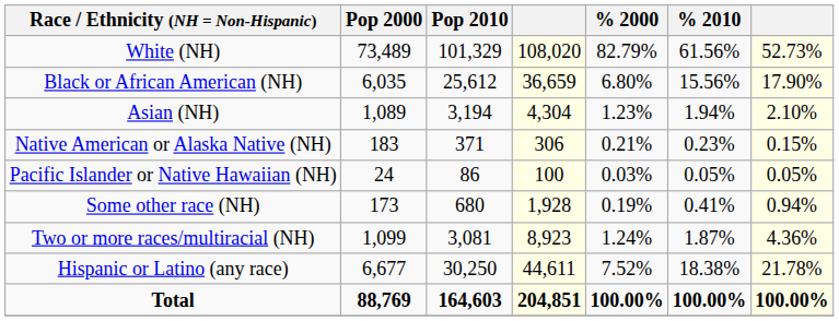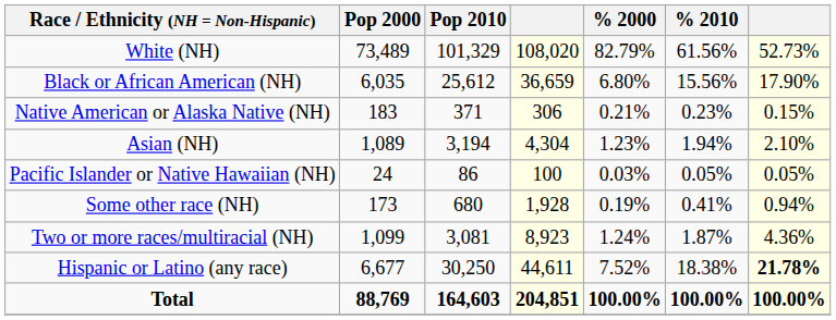 <table class="wikitable" style="text-align:center;">
 <tr>
 <th>Race / Ethnicity <small>(<em>NH = Non-Hispanic</em>)</small></th>
 <th>Pop 2000</th>
 <th>Pop 2010</th>
 <th></th>
 <th>% 2000</th>
 <th>% 2010</th>
 <th></th>
 </tr>
 <tr>
 <td><a href='#'>White</a> (NH)</td>
 <td>73,489</td>
 <td>101,329</td>
 <td style='background: #ffffe6;'>108,020</td>
 <td>82.79%</td>
 <td>61.56%</td>
 <td style='background: #ffffe6;'>52.73%</td>
 </tr>
 <tr>
 <td><a href='#'>Black or African American</a> (NH)</td>
 <td>6,035</td>
 <td>25,612</td>
 <td style='background: #ffffe6;'>36,659</td>
 <td>6.80%</td>
 <td>15.56%</td>
 <td style='background: #ffffe6;'>17.90%</td>
 </tr>
 <tr>
+<td><a href='#'>Native American</a> or <a href='#'>Alaska Native</a> (NH)</td>
+<td>183</td>
+<td>371</td>
+<td style='background: #ffffe6;'>306</td>
+<td>0.21%</td>
+<td>0.23%</td>
+<td style='background: #ffffe6;'>0.15%</td>
+</tr>
+<tr>
 <td><a href='#'>Asian</a> (NH)</td>
 <td>1,089</td>
 <td>3,194</td>
 <td style='background: #ffffe6;'>4,304</td>
 <td>1.23%</td>
 <td>1.94%</td>
 <td style='background: #ffffe6;'>2.10%</td>
-</tr>
-<tr>
-<td><a href='#'>Native American</a> or <a href='#'>Alaska Native</a> (NH)</td>
-<td>183</td>
-<td>371</td>
-<td style='background: #ffffe6;'>306</td>
-<td>0.21%</td>
-<td>0.23%</td>
-<td style='background: #ffffe6;'>0.15%</td>
 </tr>
 <tr>
 <td><a href='#'>Pacific Islander</a> or <a href='#'>Native Hawaiian</a> (NH)</td>
 <td>24</td>
 <td>86</td>
 <td style='background: #ffffe6;'>100</td>
 <td>0.03%</td>
 <td>0.05%</td>
 <td style='background: #ffffe6;'>0.05%</td>
 </tr>
 <tr>
 <td><a href='#'>Some other race</a> (NH)</td>
 <td>173</td>
 <td>680</td>
 <td style='background: #ffffe6;'>1,928</td>
 <td>0.19%</td>
 <td>0.41%</td>
 <td style='background: #ffffe6;'>0.94%</td>
 </tr>
 <tr>
 <td><a href='#'>Two or more races/multiracial</a> (NH)</td>
 <td>1,099</td>
 <td>3,081</td>
 <td style='background: #ffffe6;'>8,923</td>
 <td>1.24%</td>
 <td>1.87%</td>
 <td style='background: #ffffe6;'>4.36%</td>
 </tr>
 <tr>
 <td><a href='#'>Hispanic or Latino</a> (any race)</td>
 <td>6,677</td>
 <td>30,250</td>
 <td style='background: #ffffe6;'>44,611</td>
 <td>7.52%</td>
 <td>18.38%</td>
-<td style='background: #ffffe6;'>21.78%</td>
+<td style='background: #ffffe6;'><strong>21.78%</strong></td>
 </tr>
 <tr>
 <td><strong>Total</strong></td>
 <td><strong>88,769</strong></td>
 <td><strong>164,603</strong></td>
 <td style='background: #ffffe6;'><strong>204,851	</strong></td>
 <td><strong>100.00%</strong></td>
 <td><strong>100.00%</strong></td>
 <td style='background: #ffffe6;'><strong>100.00%</strong></td>
 </tr>
 <tr>
 </tr>
 </table>
